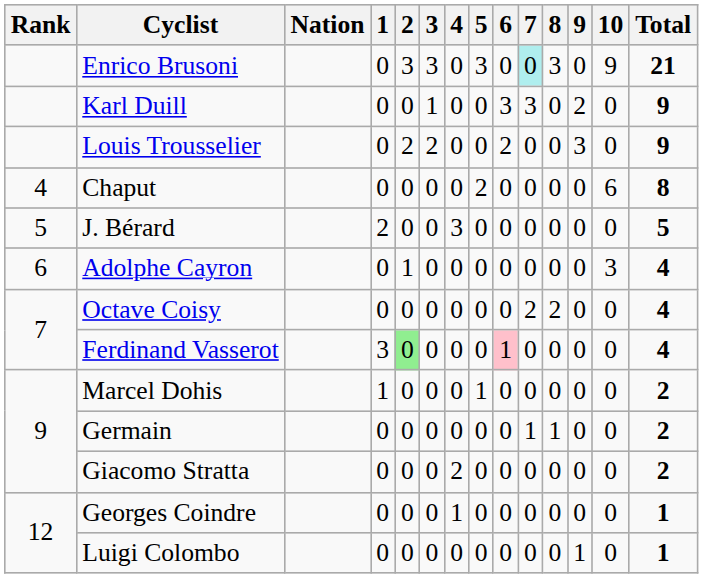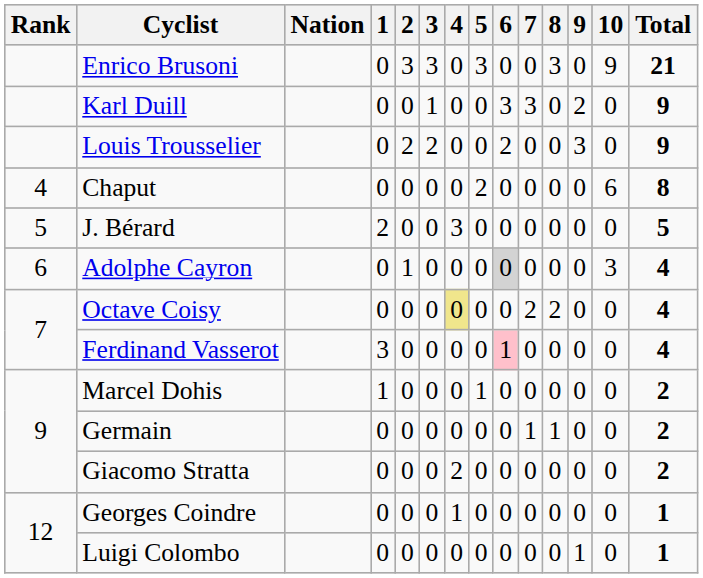 <table class="wikitable sortable" style="text-align:center">
 <tr>
 <th>Rank</th>
 <th>Cyclist</th>
 <th>Nation</th>
 <th>1</th>
 <th>2</th>
 <th>3</th>
 <th>4</th>
 <th>5</th>
 <th>6</th>
 <th>7</th>
 <th>8</th>
 <th>9</th>
 <th>10</th>
 <th>Total</th>
 </tr>
 <tr>
 <td></td>
 <td align=left><a href='#'>Enrico Brusoni</a></td>
 <td align=left></td>
 <td>0</td>
 <td>3</td>
 <td>3</td>
 <td>0</td>
 <td>3</td>
 <td>0</td>
-<td style="background: paleturquoise;">0</td>
+<td>0</td>
 <td>3</td>
 <td>0</td>
 <td>9</td>
 <td><strong>21</strong></td>
 </tr>
 <tr>
 <td></td>
 <td align=left><a href='#'>Karl Duill</a></td>
 <td align=left></td>
 <td>0</td>
 <td>0</td>
 <td>1</td>
 <td>0</td>
 <td>0</td>
 <td>3</td>
 <td>3</td>
 <td>0</td>
 <td>2</td>
 <td>0</td>
 <td><strong>9</strong></td>
 </tr>
 <tr>
 <td></td>
 <td align=left><a href='#'>Louis Trousselier</a></td>
 <td align=left></td>
 <td>0</td>
 <td>2</td>
 <td>2</td>
 <td>0</td>
 <td>0</td>
 <td>2</td>
 <td>0</td>
 <td>0</td>
 <td>3</td>
 <td>0</td>
 <td><strong>9</strong></td>
 </tr>
 <tr>
 <td>4</td>
 <td align=left>Chaput</td>
 <td align=left></td>
 <td>0</td>
 <td>0</td>
 <td>0</td>
 <td>0</td>
 <td>2</td>
 <td>0</td>
 <td>0</td>
 <td>0</td>
 <td>0</td>
 <td>6</td>
 <td><strong>8</strong></td>
 </tr>
 <tr>
 <td>5</td>
 <td align=left>J. Bérard</td>
 <td align=left></td>
 <td>2</td>
 <td>0</td>
 <td>0</td>
 <td>3</td>
 <td>0</td>
 <td>0</td>
 <td>0</td>
 <td>0</td>
 <td>0</td>
 <td>0</td>
 <td><strong>5</strong></td>
 </tr>
 <tr>
 <td>6</td>
 <td align=left><a href='#'>Adolphe Cayron</a></td>
 <td align=left></td>
 <td>0</td>
 <td>1</td>
 <td>0</td>
 <td>0</td>
 <td>0</td>
-<td>0</td>
+<td style="background: lightgrey;">0</td>
 <td>0</td>
 <td>0</td>
 <td>0</td>
 <td>3</td>
 <td><strong>4</strong></td>
 </tr>
 <tr>
 <td rowspan=2>7</td>
 <td align=left><a href='#'>Octave Coisy</a></td>
 <td align=left></td>
 <td>0</td>
 <td>0</td>
 <td>0</td>
-<td>0</td>
+<td style="background: khaki;">0</td>
 <td>0</td>
 <td>0</td>
 <td>2</td>
 <td>2</td>
 <td>0</td>
 <td>0</td>
 <td><strong>4</strong></td>
 </tr>
 <tr>
 <td align=left><a href='#'>Ferdinand Vasserot</a></td>
 <td align=left></td>
 <td>3</td>
-<td style="background: lightgreen;">0</td>
+<td>0</td>
 <td>0</td>
 <td>0</td>
 <td>0</td>
 <td style="background: pink;">1</td>
 <td>0</td>
 <td>0</td>
 <td>0</td>
 <td>0</td>
 <td><strong>4</strong></td>
 </tr>
 <tr>
 <td rowspan=3>9</td>
 <td align=left>Marcel Dohis</td>
 <td align=left></td>
 <td>1</td>
 <td>0</td>
 <td>0</td>
 <td>0</td>
 <td>1</td>
 <td>0</td>
 <td>0</td>
 <td>0</td>
 <td>0</td>
 <td>0</td>
 <td><strong>2</strong></td>
 </tr>
 <tr>
 <td align=left>Germain</td>
 <td align=left></td>
 <td>0</td>
 <td>0</td>
 <td>0</td>
 <td>0</td>
 <td>0</td>
 <td>0</td>
 <td>1</td>
 <td>1</td>
 <td>0</td>
 <td>0</td>
 <td><strong>2</strong></td>
 </tr>
 <tr>
 <td align=left>Giacomo Stratta</td>
 <td align=left></td>
 <td>0</td>
 <td>0</td>
 <td>0</td>
 <td>2</td>
 <td>0</td>
 <td>0</td>
 <td>0</td>
 <td>0</td>
 <td>0</td>
 <td>0</td>
 <td><strong>2</strong></td>
 </tr>
 <tr>
 <td rowspan=2>12</td>
 <td align=left>Georges Coindre</td>
 <td align=left></td>
 <td>0</td>
 <td>0</td>
 <td>0</td>
 <td>1</td>
 <td>0</td>
 <td>0</td>
 <td>0</td>
 <td>0</td>
 <td>0</td>
 <td>0</td>
 <td><strong>1</strong></td>
 </tr>
 <tr>
 <td align=left>Luigi Colombo</td>
 <td align=left></td>
 <td>0</td>
 <td>0</td>
 <td>0</td>
 <td>0</td>
 <td>0</td>
 <td>0</td>
 <td>0</td>
 <td>0</td>
 <td>1</td>
 <td>0</td>
 <td><strong>1</strong></td>
 </tr>
 </table>
